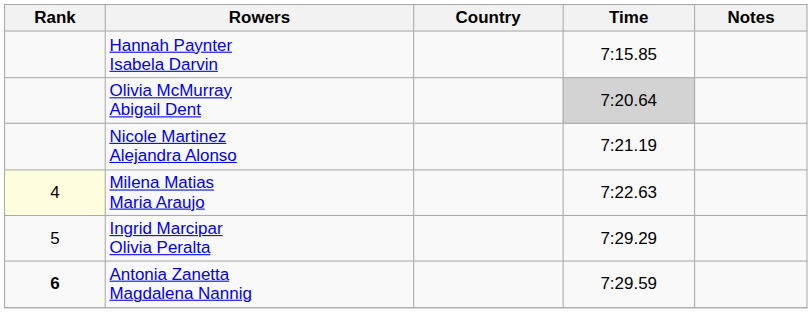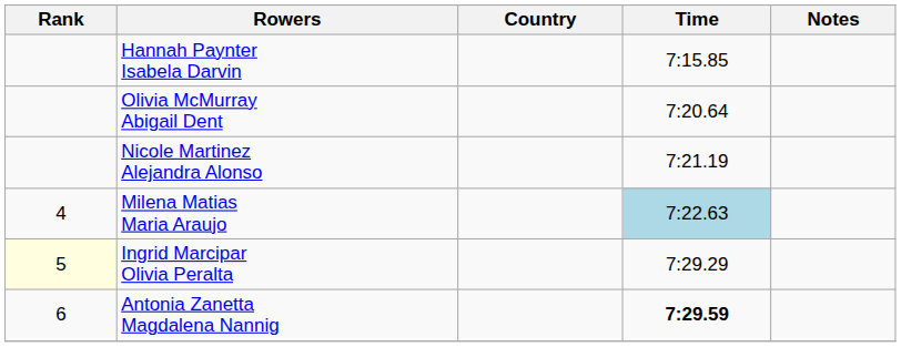 <table class="wikitable" width=60% style="text-align:center">
 <tr>
 <th>Rank</th>
 <th>Rowers</th>
 <th>Country</th>
 <th>Time</th>
 <th>Notes</th>
 </tr>
 <tr>
 <td></td>
 <td align=left><a href='#'>Hannah Paynter</a><br><a href='#'>Isabela Darvin</a></td>
 <td align=left></td>
 <td>7:15.85</td>
 <td></td>
 </tr>
 <tr>
 <td></td>
 <td align=left><a href='#'>Olivia McMurray</a><br><a href='#'>Abigail Dent</a></td>
 <td align=left></td>
-<td style="background: lightgrey;">7:20.64</td>
+<td>7:20.64</td>
 <td></td>
 </tr>
 <tr>
 <td></td>
 <td align=left><a href='#'>Nicole Martinez</a><br><a href='#'>Alejandra Alonso</a></td>
 <td align=left></td>
 <td>7:21.19</td>
 <td></td>
 </tr>
 <tr>
-<td style="background: lightyellow;">4</td>
+<td>4</td>
 <td align=left><a href='#'>Milena Matias</a><br><a href='#'>Maria Araujo</a></td>
 <td align=left></td>
-<td>7:22.63</td>
+<td style="background: lightblue;">7:22.63</td>
 <td></td>
 </tr>
 <tr>
-<td>5</td>
+<td style="background: lightyellow;">5</td>
 <td align=left><a href='#'>Ingrid Marcipar</a><br><a href='#'>Olivia Peralta</a></td>
 <td align=left></td>
 <td>7:29.29</td>
 <td></td>
 </tr>
 <tr>
-<td><strong>6</strong></td>
+<td>6</td>
 <td align=left><a href='#'>Antonia Zanetta</a><br><a href='#'>Magdalena Nannig</a></td>
 <td align=left></td>
-<td>7:29.59</td>
+<td><strong>7:29.59</strong></td>
 <td></td>
 </tr>
 <tr>
 </tr>
 </table>
